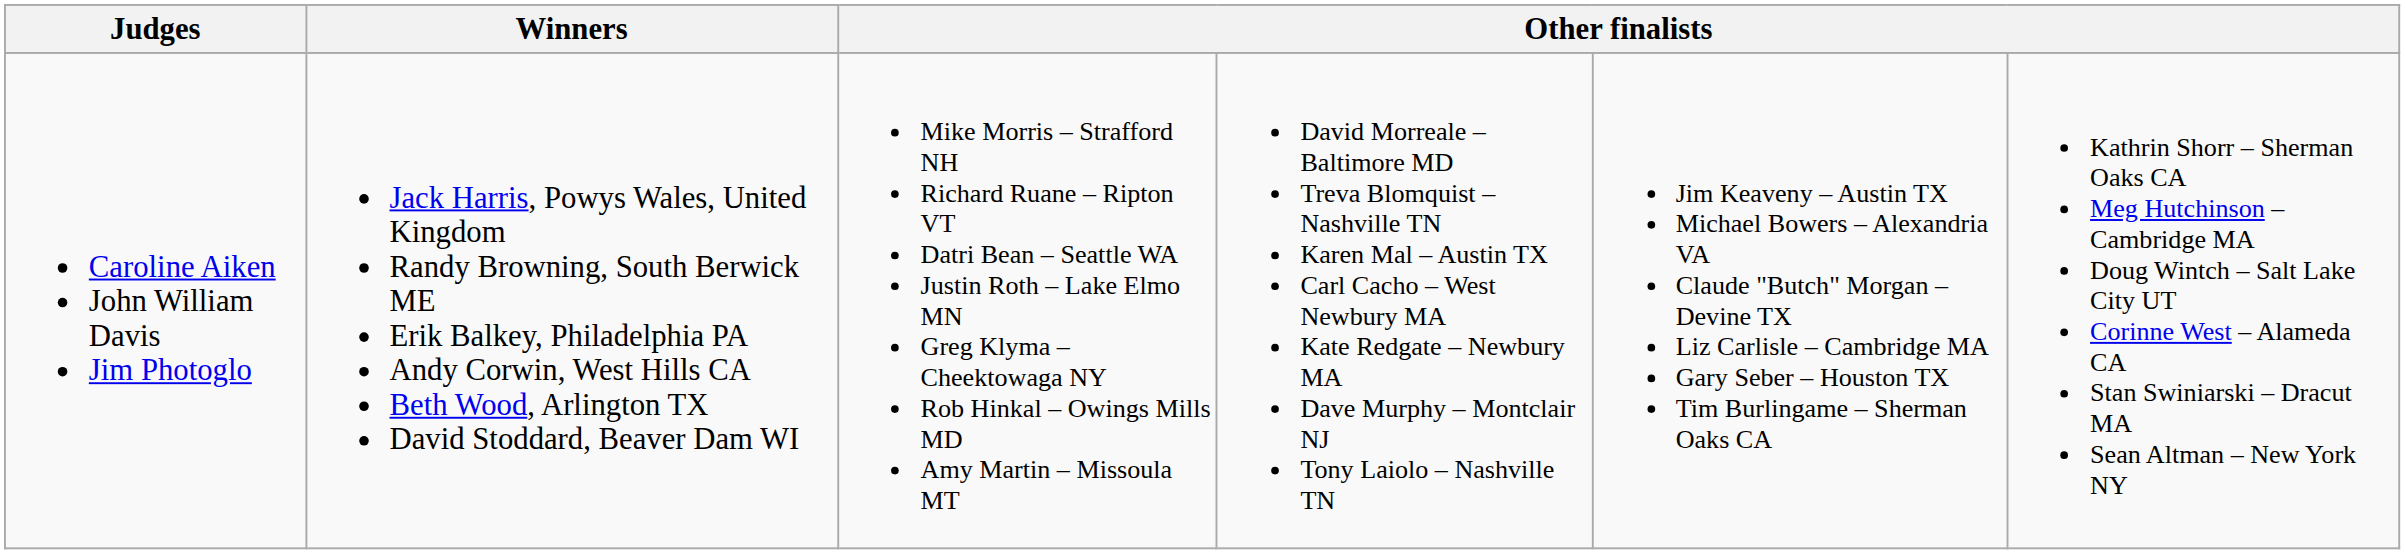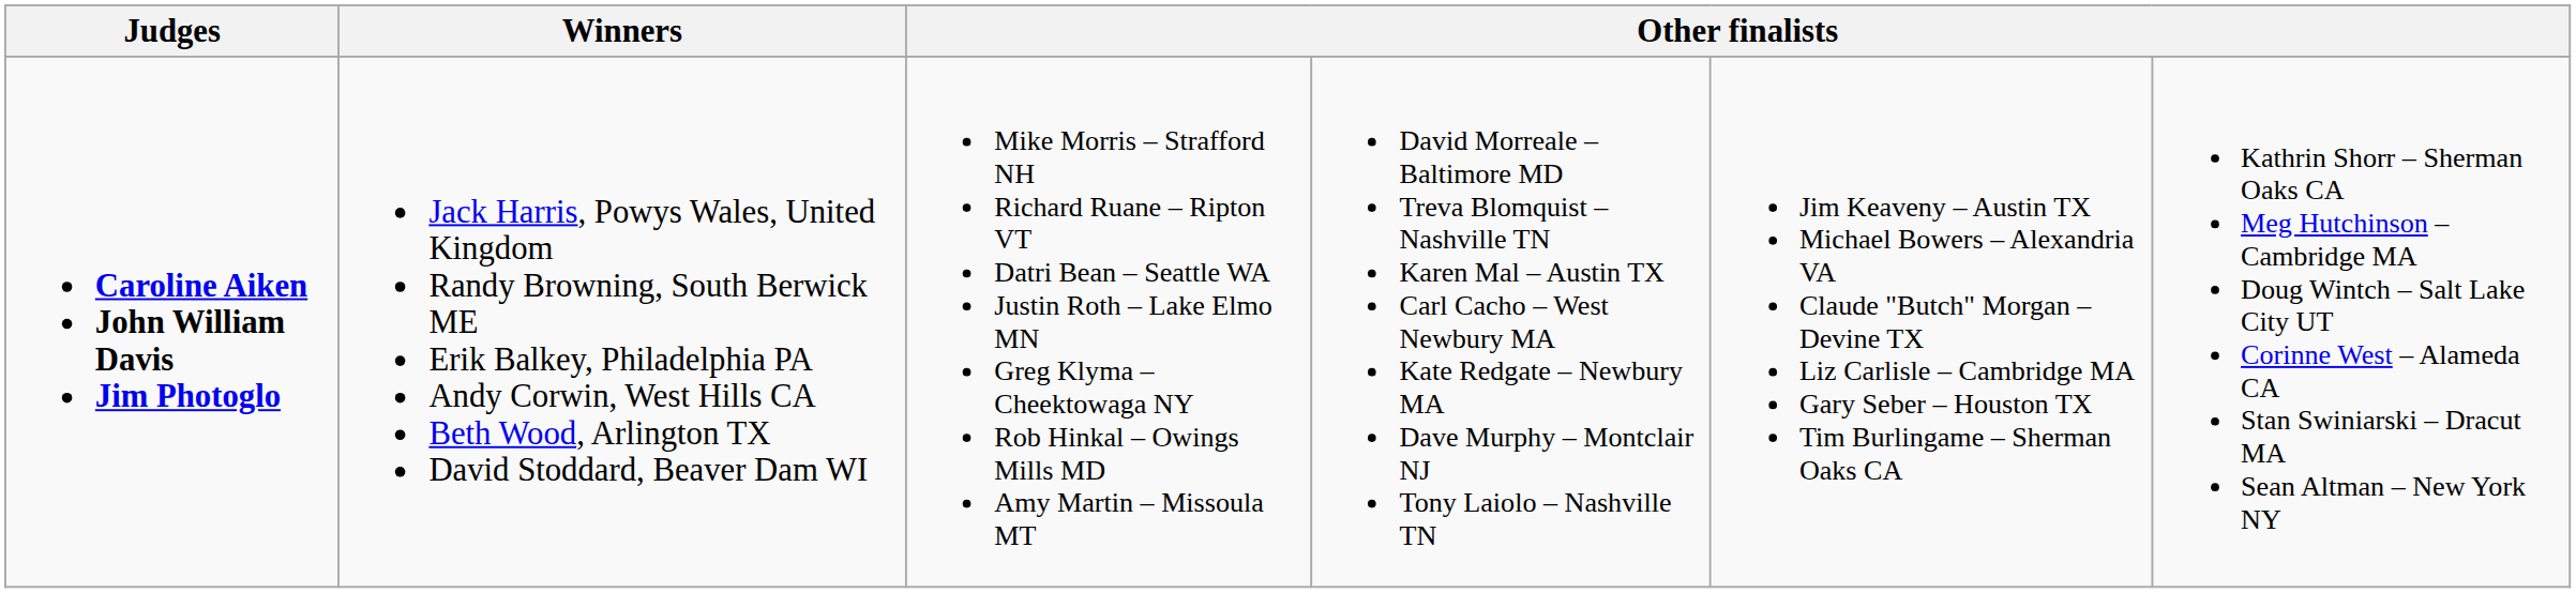 <table class="wikitable mw-collapsible mw-collapsed" style="text-align:left">
 <tr>
 <th>Judges</th>
 <th>Winners</th>
 <th colspan="4" align="center">Other finalists</th>
 </tr>
 <tr>
-<td><br><ul><li><a href='#'>Caroline Aiken</a></li><li>John William Davis</li><li><a href='#'>Jim Photoglo</a></li></ul></td>
+<td><strong><br><ul><li><a href='#'>Caroline Aiken</a></li><li>John William Davis</li><li><a href='#'>Jim Photoglo</a></li></ul></strong></td>
 <td><br><ul><li><a href='#'>Jack Harris</a>, Powys Wales, United Kingdom </li><li>Randy Browning, South Berwick ME </li><li>Erik Balkey, Philadelphia PA</li><li>Andy Corwin, West Hills CA </li><li><a href='#'>Beth Wood</a>, Arlington TX </li><li>David Stoddard, Beaver Dam WI </li></ul></td>
 <td style="font-size:85%"><br><ul><li>Mike Morris – Strafford NH</li><li>Richard Ruane – Ripton VT</li><li>Datri Bean – Seattle WA</li><li>Justin Roth – Lake Elmo MN</li><li>Greg Klyma – Cheektowaga NY</li><li>Rob Hinkal – Owings Mills MD</li><li>Amy Martin – Missoula MT</li></ul></td>
 <td style="font-size:85%"><br><ul><li>David Morreale – Baltimore MD</li><li>Treva Blomquist – Nashville TN</li><li>Karen Mal – Austin TX</li><li>Carl Cacho – West Newbury MA</li><li>Kate Redgate – Newbury MA</li><li>Dave Murphy – Montclair NJ</li><li>Tony Laiolo – Nashville TN</li></ul></td>
 <td style="font-size:85%"><br><ul><li>Jim Keaveny – Austin TX</li><li>Michael Bowers – Alexandria VA</li><li>Claude "Butch" Morgan – Devine TX</li><li>Liz Carlisle – Cambridge MA</li><li>Gary Seber – Houston TX</li><li>Tim Burlingame – Sherman Oaks CA</li></ul></td>
 <td style="font-size:85%"><br><ul><li>Kathrin Shorr – Sherman Oaks CA</li><li><a href='#'>Meg Hutchinson</a> – Cambridge MA</li><li>Doug Wintch – Salt Lake City UT</li><li><a href='#'>Corinne West</a> – Alameda CA</li><li>Stan Swiniarski – Dracut MA</li><li>Sean Altman – New York NY</li></ul></td>
 </tr>
 </table>
